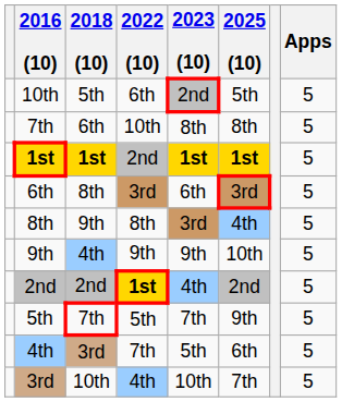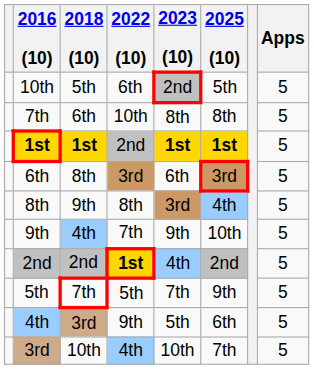 <table class="wikitable" style="text-align: center">
 <tr>
 <th></th>
 <th><a href='#'>2016</a><br> <br> (10)</th>
 <th><a href='#'>2018</a><br> <br> (10)</th>
 <th><a href='#'>2022</a><br> <br> (10)</th>
 <th><a href='#'>2023</a><br> <br> (10)</th>
 <th><a href='#'>2025</a><br> <br> (10)</th>
 <th rowspan=11></th>
 <th>Apps<br><big></big></th>
 </tr>
 <tr>
 <td align=left></td>
 <td 10thbgcolor=#9acdff>10th</td>
 <td>5th</td>
 <td>6th</td>
 <td bgcolor=silver style="border:3px solid red">2nd</td>
 <td>5th</td>
 <td>5</td>
 </tr>
 <tr>
 <td align=left></td>
 <td>7th</td>
 <td>6th</td>
 <td>10th</td>
 <td>8th</td>
 <td>8th</td>
 <td>5</td>
 </tr>
 <tr>
 <td align=left></td>
 <td bgcolor=gold style="border:3px solid red"><strong>1st</strong></td>
 <td bgcolor=gold><strong>1st</strong></td>
 <td bgcolor=silver>2nd</td>
 <td bgcolor=gold><strong>1st</strong></td>
 <td bgcolor=gold><strong>1st</strong></td>
 <td>5</td>
 </tr>
 <tr>
 <td align=left></td>
 <td>6th</td>
 <td>8th</td>
 <td bgcolor=#c96>3rd</td>
 <td>6th</td>
 <td bgcolor=#c96 style="border:3px solid red">3rd</td>
 <td>5</td>
 </tr>
 <tr>
 <td align=left></td>
 <td>8th</td>
 <td>9th</td>
 <td>8th</td>
 <td bgcolor=#c96>3rd</td>
 <td bgcolor=#9acdff>4th</td>
 <td>5</td>
 </tr>
 <tr>
 <td align=left></td>
 <td>9th</td>
 <td bgcolor=#9acdff>4th</td>
-<td>9th</td>
+<td>7th</td>
 <td>9th</td>
 <td>10th</td>
 <td>5</td>
 </tr>
 <tr>
 <td align=left></td>
 <td bgcolor=silver>2nd</td>
 <td bgcolor=silver>2nd</td>
 <td bgcolor=gold style="border:3px solid red"><strong>1st</strong></td>
 <td bgcolor=#9acdff>4th</td>
 <td bgcolor=silver>2nd</td>
 <td>5</td>
 </tr>
 <tr>
 <td align=left></td>
 <td>5th</td>
 <td style="border:3px solid red">7th</td>
 <td>5th</td>
 <td>7th</td>
 <td>9th</td>
 <td>5</td>
 </tr>
 <tr>
 <td align=left></td>
 <td bgcolor=#9acdff>4th</td>
 <td bgcolor=#cfaa88>3rd</td>
-<td>7th</td>
+<td>9th</td>
 <td>5th</td>
 <td>6th</td>
 <td>5</td>
 </tr>
 <tr>
 <td align=left></td>
 <td bgcolor=#cfaa88>3rd</td>
 <td>10th</td>
 <td bgcolor=#9acdff>4th</td>
 <td>10th</td>
 <td>7th</td>
 <td>5</td>
 </tr>
 </table>
